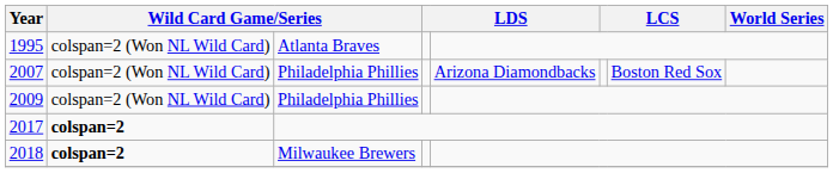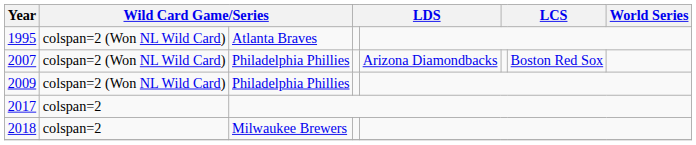 <table class="wikitable">
 <tr>
 <th>Year</th>
 <th colspan=2><a href='#'><span>Wild Card Game/Series</span></a></th>
 <th colspan=2><a href='#'><span>LDS</span></a></th>
 <th colspan=2><a href='#'><span>LCS</span></a></th>
 <th colspan=2><a href='#'><span>World Series</span></a></th>
 </tr>
 <tr>
 <td align=center><a href='#'>1995</a></td>
 <td>colspan=2  (Won <a href='#'>NL Wild Card</a>)</td>
 <td><a href='#'>Atlanta Braves</a></td>
 <td></td>
 <td colspan=4></td>
 </tr>
 <tr>
 <td align=center><a href='#'>2007</a></td>
 <td>colspan=2  (Won <a href='#'>NL Wild Card</a>)</td>
 <td><a href='#'>Philadelphia Phillies</a></td>
 <td></td>
 <td><a href='#'>Arizona Diamondbacks</a></td>
 <td></td>
 <td><a href='#'>Boston Red Sox</a></td>
 <td></td>
 </tr>
 <tr>
 <td align=center><a href='#'>2009</a></td>
 <td>colspan=2  (Won <a href='#'>NL Wild Card</a>)</td>
 <td><a href='#'>Philadelphia Phillies</a></td>
 <td></td>
 <td colspan=4></td>
 </tr>
 <tr>
 <td align=center><a href='#'>2017</a></td>
-<td><strong>colspan=2 </strong></td>
+<td>colspan=2 </td>
 <td colspan=6></td>
 </tr>
 <tr>
 <td align=center><a href='#'>2018</a></td>
-<td><strong>colspan=2 </strong></td>
+<td>colspan=2 </td>
 <td><a href='#'>Milwaukee Brewers</a></td>
 <td></td>
 <td colspan=4></td>
 </tr>
 <tr>
 </tr>
 </table>
